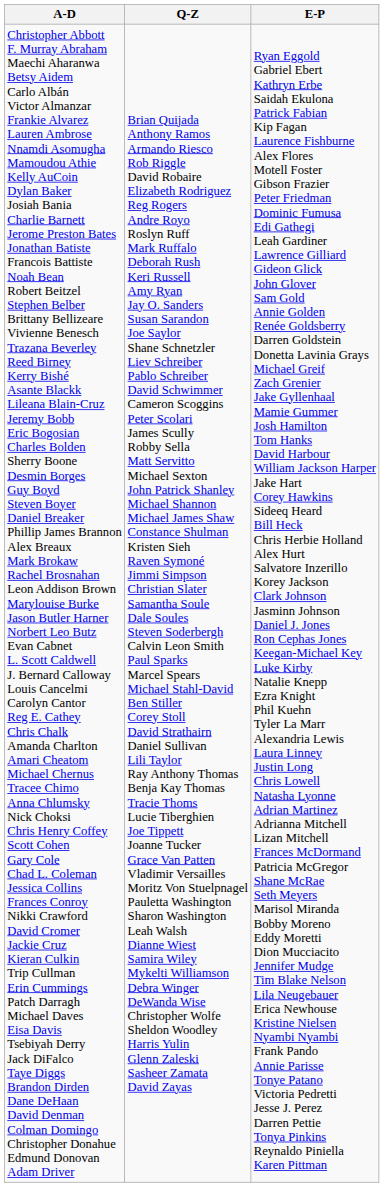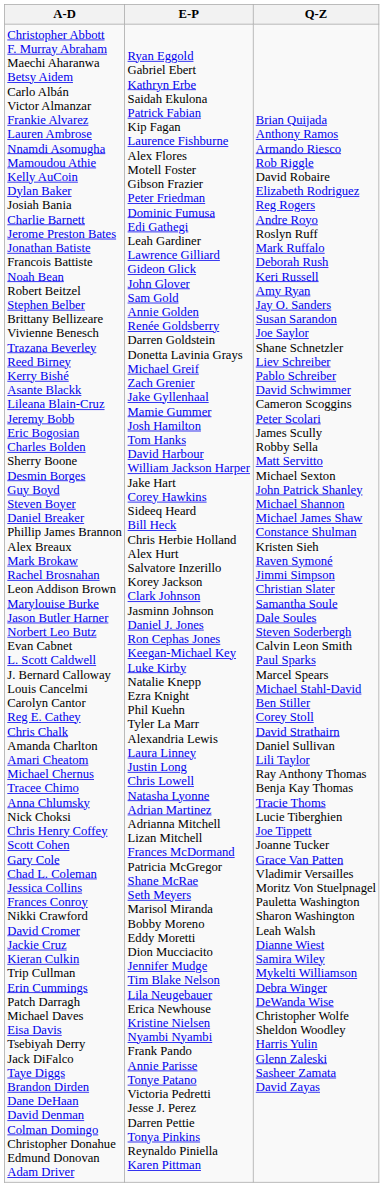 <table class="wikitable sortable">
 <tr>
 <th>A-D</th>
+<th>E-P</th>
 <th>Q-Z</th>
-<th>E-P</th>
 </tr>
 <tr>
 <td><a href='#'>Christopher Abbott</a><br><a href='#'>F. Murray Abraham</a><br>Maechi Aharanwa<br><a href='#'>Betsy Aidem</a><br>Carlo Albán<br>Victor Almanzar<br><a href='#'>Frankie Alvarez</a><br><a href='#'>Lauren Ambrose</a><br><a href='#'>Nnamdi Asomugha</a><br><a href='#'>Mamoudou Athie</a><br><a href='#'>Kelly AuCoin</a><br><a href='#'>Dylan Baker</a><br>Josiah Bania<br><a href='#'>Charlie Barnett</a><br><a href='#'>Jerome Preston Bates</a><br><a href='#'>Jonathan Batiste</a><br>Francois Battiste<br><a href='#'>Noah Bean</a><br>Robert Beitzel<br><a href='#'>Stephen Belber</a><br>Brittany Bellizeare<br>Vivienne Benesch<br><a href='#'>Trazana Beverley</a><br><a href='#'>Reed Birney</a><br><a href='#'>Kerry Bishé</a><br><a href='#'>Asante Blackk</a><br><a href='#'>Lileana Blain-Cruz</a><br><a href='#'>Jeremy Bobb</a><br><a href='#'>Eric Bogosian</a><br><a href='#'>Charles Bolden</a><br>Sherry Boone<br><a href='#'>Desmin Borges</a><br><a href='#'>Guy Boyd</a><br><a href='#'>Steven Boyer</a><br><a href='#'>Daniel Breaker</a><br>Phillip James Brannon<br>Alex Breaux<br><a href='#'>Mark Brokaw</a><br><a href='#'>Rachel Brosnahan</a><br>Leon Addison Brown<br><a href='#'>Marylouise Burke</a><br><a href='#'>Jason Butler Harner</a><br><a href='#'>Norbert Leo Butz</a><br>Evan Cabnet<br><a href='#'>L. Scott Caldwell</a><br>J. Bernard Calloway<br>Louis Cancelmi<br>Carolyn Cantor<br><a href='#'>Reg E. Cathey</a><br><a href='#'>Chris Chalk</a><br>Amanda Charlton<br><a href='#'>Amari Cheatom</a><br><a href='#'>Michael Chernus</a><br><a href='#'>Tracee Chimo</a><br><a href='#'>Anna Chlumsky</a><br>Nick Choksi<br><a href='#'>Chris Henry Coffey</a><br><a href='#'>Scott Cohen</a><br><a href='#'>Gary Cole</a><br><a href='#'>Chad L. Coleman</a><br><a href='#'>Jessica Collins</a><br><a href='#'>Frances Conroy</a><br>Nikki Crawford<br><a href='#'>David Cromer</a><br><a href='#'>Jackie Cruz</a><br><a href='#'>Kieran Culkin</a><br>Trip Cullman<br><a href='#'>Erin Cummings</a><br>Patch Darragh<br>Michael Daves<br><a href='#'>Eisa Davis</a><br>Tsebiyah Derry<br>Jack DiFalco<br><a href='#'>Taye Diggs</a><br><a href='#'>Brandon Dirden</a><br><a href='#'>Dane DeHaan</a><br><a href='#'>David Denman</a><br><a href='#'>Colman Domingo</a><br>Christopher Donahue<br>Edmund Donovan<br><a href='#'>Adam Driver</a></td>
+<td><br><a href='#'>Ryan Eggold</a><br>Gabriel Ebert<br><a href='#'>Kathryn Erbe</a><br>Saidah Ekulona<br><a href='#'>Patrick Fabian</a><br>Kip Fagan<br><a href='#'>Laurence Fishburne</a><br>Alex Flores<br>Motell Foster<br>Gibson Frazier<br><a href='#'>Peter Friedman</a><br><a href='#'>Dominic Fumusa</a><br><a href='#'>Edi Gathegi</a><br>Leah Gardiner<br><a href='#'>Lawrence Gilliard</a><br><a href='#'>Gideon Glick</a><br><a href='#'>John Glover</a><br><a href='#'>Sam Gold</a><br><a href='#'>Annie Golden</a><br><a href='#'>Renée Goldsberry</a><br>Darren Goldstein<br>Donetta Lavinia Grays<br><a href='#'>Michael Greif</a><br><a href='#'>Zach Grenier</a><br><a href='#'>Jake Gyllenhaal</a><br><a href='#'>Mamie Gummer</a><br><a href='#'>Josh Hamilton</a><br><a href='#'>Tom Hanks</a><br><a href='#'>David Harbour</a><br><a href='#'>William Jackson Harper</a><br>Jake Hart<br><a href='#'>Corey Hawkins</a><br>Sideeq Heard<br><a href='#'>Bill Heck</a><br>Chris Herbie Holland<br>Alex Hurt<br>Salvatore Inzerillo<br>Korey Jackson<br><a href='#'>Clark Johnson</a><br>Jasminn Johnson<br><a href='#'>Daniel J. Jones</a><br><a href='#'>Ron Cephas Jones</a><br><a href='#'>Keegan-Michael Key</a><br><a href='#'>Luke Kirby</a><br>Natalie Knepp<br>Ezra Knight<br>Phil Kuehn<br>Tyler La Marr<br>Alexandria Lewis<br><a href='#'>Laura Linney</a><br><a href='#'>Justin Long</a><br><a href='#'>Chris Lowell</a><br><a href='#'>Natasha Lyonne</a><br><a href='#'>Adrian Martinez</a><br>Adrianna Mitchell<br>Lizan Mitchell<br><a href='#'>Frances McDormand</a><br>Patricia McGregor<br><a href='#'>Shane McRae</a><br><a href='#'>Seth Meyers</a><br>Marisol Miranda<br>Bobby Moreno<br>Eddy Moretti<br>Dion Mucciacito<br><a href='#'>Jennifer Mudge</a><br><a href='#'>Tim Blake Nelson</a><br><a href='#'>Lila Neugebauer</a><br>Erica Newhouse<br><a href='#'>Kristine Nielsen</a><br><a href='#'>Nyambi Nyambi</a><br>Frank Pando<br><a href='#'>Annie Parisse</a><br><a href='#'>Tonye Patano</a><br>Victoria Pedretti<br>Jesse J. Perez<br>Darren Pettie<br><a href='#'>Tonya Pinkins</a><br>Reynaldo Piniella<br><a href='#'>Karen Pittman</a></td>
 <td><a href='#'>Brian Quijada</a><br><a href='#'>Anthony Ramos</a><br><a href='#'>Armando Riesco</a><br><a href='#'>Rob Riggle</a><br>David Robaire<br><a href='#'>Elizabeth Rodriguez</a><br><a href='#'>Reg Rogers</a><br><a href='#'>Andre Royo</a><br>Roslyn Ruff<br><a href='#'>Mark Ruffalo</a><br><a href='#'>Deborah Rush</a><br><a href='#'>Keri Russell</a><br><a href='#'>Amy Ryan</a><br><a href='#'>Jay O. Sanders</a><br><a href='#'>Susan Sarandon</a><br><a href='#'>Joe Saylor</a><br>Shane Schnetzler<br><a href='#'>Liev Schreiber</a><br><a href='#'>Pablo Schreiber</a><br><a href='#'>David Schwimmer</a><br>Cameron Scoggins<br><a href='#'>Peter Scolari</a><br>James Scully<br>Robby Sella<br><a href='#'>Matt Servitto</a><br>Michael Sexton<br><a href='#'>John Patrick Shanley</a><br><a href='#'>Michael Shannon</a><br><a href='#'>Michael James Shaw</a><br><a href='#'>Constance Shulman</a><br>Kristen Sieh<br><a href='#'>Raven Symoné</a><br><a href='#'>Jimmi Simpson</a><br><a href='#'>Christian Slater</a><br><a href='#'>Samantha Soule</a><br><a href='#'>Dale Soules</a><br><a href='#'>Steven Soderbergh</a><br>Calvin Leon Smith<br><a href='#'>Paul Sparks</a><br>Marcel Spears<br><a href='#'>Michael Stahl-David</a><br><a href='#'>Ben Stiller</a><br><a href='#'>Corey Stoll</a><br><a href='#'>David Strathairn</a><br>Daniel Sullivan<br><a href='#'>Lili Taylor</a><br>Ray Anthony Thomas<br>Benja Kay Thomas<br><a href='#'>Tracie Thoms</a><br>Lucie Tiberghien<br><a href='#'>Joe Tippett</a><br>Joanne Tucker<br><a href='#'>Grace Van Patten</a><br>Vladimir Versailles<br>Moritz Von Stuelpnagel<br>Pauletta Washington<br>Sharon Washington<br>Leah Walsh<br><a href='#'>Dianne Wiest</a><br><a href='#'>Samira Wiley</a><br><a href='#'>Mykelti Williamson</a><br><a href='#'>Debra Winger</a><br><a href='#'>DeWanda Wise</a><br>Christopher Wolfe<br>Sheldon Woodley<br><a href='#'>Harris Yulin</a><br><a href='#'>Glenn Zaleski</a><br><a href='#'>Sasheer Zamata</a><br><a href='#'>David Zayas</a></td>
-<td><br><a href='#'>Ryan Eggold</a><br>Gabriel Ebert<br><a href='#'>Kathryn Erbe</a><br>Saidah Ekulona<br><a href='#'>Patrick Fabian</a><br>Kip Fagan<br><a href='#'>Laurence Fishburne</a><br>Alex Flores<br>Motell Foster<br>Gibson Frazier<br><a href='#'>Peter Friedman</a><br><a href='#'>Dominic Fumusa</a><br><a href='#'>Edi Gathegi</a><br>Leah Gardiner<br><a href='#'>Lawrence Gilliard</a><br><a href='#'>Gideon Glick</a><br><a href='#'>John Glover</a><br><a href='#'>Sam Gold</a><br><a href='#'>Annie Golden</a><br><a href='#'>Renée Goldsberry</a><br>Darren Goldstein<br>Donetta Lavinia Grays<br><a href='#'>Michael Greif</a><br><a href='#'>Zach Grenier</a><br><a href='#'>Jake Gyllenhaal</a><br><a href='#'>Mamie Gummer</a><br><a href='#'>Josh Hamilton</a><br><a href='#'>Tom Hanks</a><br><a href='#'>David Harbour</a><br><a href='#'>William Jackson Harper</a><br>Jake Hart<br><a href='#'>Corey Hawkins</a><br>Sideeq Heard<br><a href='#'>Bill Heck</a><br>Chris Herbie Holland<br>Alex Hurt<br>Salvatore Inzerillo<br>Korey Jackson<br><a href='#'>Clark Johnson</a><br>Jasminn Johnson<br><a href='#'>Daniel J. Jones</a><br><a href='#'>Ron Cephas Jones</a><br><a href='#'>Keegan-Michael Key</a><br><a href='#'>Luke Kirby</a><br>Natalie Knepp<br>Ezra Knight<br>Phil Kuehn<br>Tyler La Marr<br>Alexandria Lewis<br><a href='#'>Laura Linney</a><br><a href='#'>Justin Long</a><br><a href='#'>Chris Lowell</a><br><a href='#'>Natasha Lyonne</a><br><a href='#'>Adrian Martinez</a><br>Adrianna Mitchell<br>Lizan Mitchell<br><a href='#'>Frances McDormand</a><br>Patricia McGregor<br><a href='#'>Shane McRae</a><br><a href='#'>Seth Meyers</a><br>Marisol Miranda<br>Bobby Moreno<br>Eddy Moretti<br>Dion Mucciacito<br><a href='#'>Jennifer Mudge</a><br><a href='#'>Tim Blake Nelson</a><br><a href='#'>Lila Neugebauer</a><br>Erica Newhouse<br><a href='#'>Kristine Nielsen</a><br><a href='#'>Nyambi Nyambi</a><br>Frank Pando<br><a href='#'>Annie Parisse</a><br><a href='#'>Tonye Patano</a><br>Victoria Pedretti<br>Jesse J. Perez<br>Darren Pettie<br><a href='#'>Tonya Pinkins</a><br>Reynaldo Piniella<br><a href='#'>Karen Pittman</a></td>
 </tr>
 </table>
